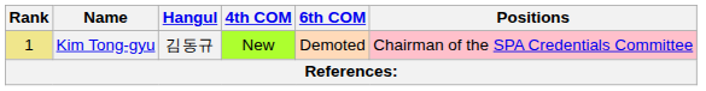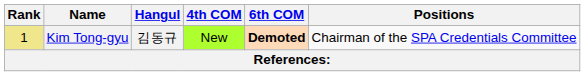 <table class="wikitable sortable">
 <tr>
 <th>Rank</th>
 <th>Name</th>
 <th class="unsortable"><a href='#'>Hangul</a></th>
 <th><a href='#'>4th COM</a></th>
 <th><a href='#'>6th COM</a></th>
 <th>Positions</th>
 </tr>
 <tr>
 <td align="center" style="background: khaki;">1</td>
 <th align="center" scope="row" style="font-weight:normal;"><a href='#'>Kim Tong-gyu</a></th>
 <th align="center" scope="row" style="font-weight:normal;">김동규</th>
 <td align="center" style="background: GreenYellow">New</td>
-<td style="background: PeachPuff" align="center">Demoted</td>
-<td style="background: pink;">Chairman of the <a href='#'>SPA Credentials Committee</a></td>
+<td style="background: PeachPuff" align="center"><strong>Demoted</strong></td>
+<td>Chairman of the <a href='#'>SPA Credentials Committee</a></td>
 </tr>
 <tr>
 <th colspan="6" unsortable><strong>References:</strong><br></th>
 </tr>
 </table>
